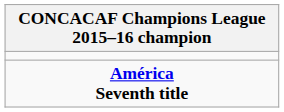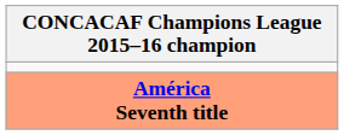 <table class="wikitable" style="text-align: center; margin: 0 auto; width: 20%">
 <tr>
 <th>CONCACAF Champions League<br>2015–16 champion</th>
 </tr>
 <tr>
 <td></td>
 </tr>
 <tr>
-<td><strong><a href='#'>América</a></strong><br><strong>Seventh title</strong></td>
+<td style="background: lightsalmon;"><strong><a href='#'>América</a></strong><br><strong>Seventh title</strong></td>
 </tr>
 </table>
